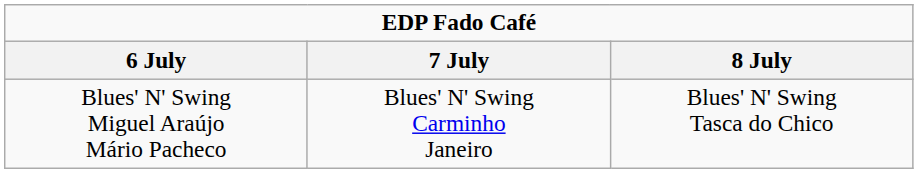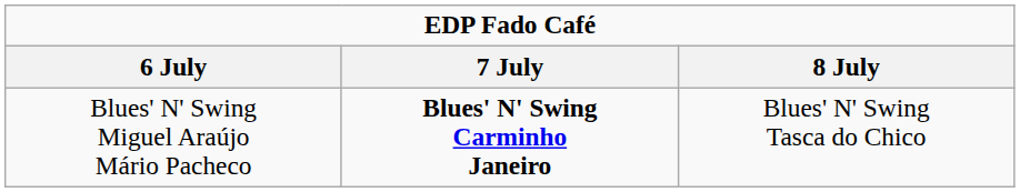 <table class="wikitable">
 <tr>
 <td colspan="3" align="center"><strong>EDP Fado Café</strong></td>
 </tr>
 <tr>
 <th>6 July</th>
 <th>7 July</th>
 <th>8 July</th>
 </tr>
 <tr>
 <td width="200" align="center" valign="top">Blues' N' Swing<br>Miguel Araújo<br>Mário Pacheco</td>
-<td width="200" align="center" valign="top">Blues' N' Swing<br><a href='#'>Carminho</a><br>Janeiro</td>
+<td width="200" align="center" valign="top"><strong>Blues' N' Swing<br><a href='#'>Carminho</a><br>Janeiro</strong></td>
 <td width="200" align="center" valign="top">Blues' N' Swing<br>Tasca do Chico</td>
 </tr>
 </table>
